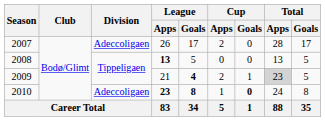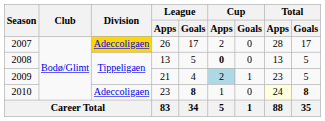 <table class="wikitable" style="text-align: center;">
 <tr>
 <th rowspan="2">Season</th>
 <th rowspan="2">Club</th>
 <th rowspan="2">Division</th>
 <th colspan="2">League</th>
 <th colspan="2">Cup</th>
 <th colspan="2">Total</th>
 </tr>
 <tr>
 <th>Apps</th>
 <th>Goals</th>
 <th>Apps</th>
 <th>Goals</th>
 <th>Apps</th>
 <th>Goals</th>
 </tr>
 <tr>
 <td>2007</td>
 <td rowspan="4" valign="center"><a href='#'>Bodø/Glimt</a></td>
-<td><a href='#'>Adeccoligaen</a></td>
+<td style="background: gold;"><a href='#'>Adeccoligaen</a></td>
 <td>26</td>
 <td>17</td>
 <td>2</td>
 <td>0</td>
 <td>28</td>
 <td>17</td>
 </tr>
 <tr>
 <td>2008</td>
 <td rowspan="2" valign="center"><a href='#'>Tippeligaen</a></td>
-<td><strong>13</strong></td>
+<td>13</td>
 <td>5</td>
-<td>0</td>
+<td><strong>0</strong></td>
 <td>0</td>
 <td>13</td>
 <td>5</td>
 </tr>
 <tr>
 <td>2009</td>
 <td>21</td>
-<td><strong>4</strong></td>
-<td>2</td>
+<td>4</td>
+<td style="background: lightblue;">2</td>
 <td>1</td>
-<td style="background: lightgrey;">23</td>
+<td>23</td>
 <td>5</td>
 </tr>
 <tr>
 <td>2010</td>
 <td><a href='#'>Adeccoligaen</a></td>
-<td><strong>23</strong></td>
+<td>23</td>
 <td><strong>8</strong></td>
 <td>1</td>
-<td><strong>0</strong></td>
-<td>24</td>
-<td>8</td>
+<td>0</td>
+<td style="background: lightyellow;">24</td>
+<td><strong>8</strong></td>
 </tr>
 <tr>
 <th colspan="3">Career Total</th>
 <th>83</th>
 <th>34</th>
 <th>5</th>
 <th>1</th>
 <th>88</th>
 <th>35</th>
 </tr>
 </table>
